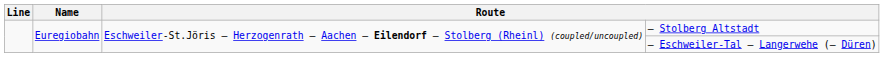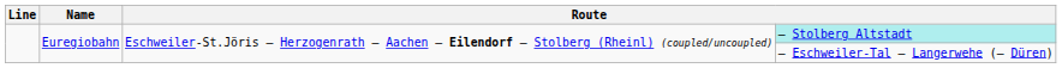 <table class="wikitable">
 <tr>
 <th>Line</th>
 <th>Name</th>
 <th colspan="3">Route</th>
 </tr>
 <tr>
 <td rowspan="2"></td>
 <td rowspan="2"><a href='#'>Euregiobahn</a></td>
 <td rowspan="2"><a href='#'>Eschweiler</a>-St.Jöris – <a href='#'>Herzogenrath</a> – <a href='#'>Aachen</a> – <strong>Eilendorf</strong> – <a href='#'>Stolberg (Rheinl)</a> <small><em>(coupled/uncoupled)</em></small></td>
-<td>– <a href='#'>Stolberg Altstadt</a></td>
+<td style="background: paleturquoise;">– <a href='#'>Stolberg Altstadt</a></td>
 </tr>
 <tr>
 <td>– <a href='#'>Eschweiler-Tal</a> – <a href='#'>Langerwehe</a> (– <a href='#'>Düren</a>)</td>
 </tr>
 </table>
